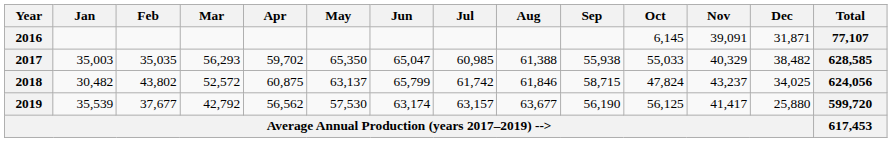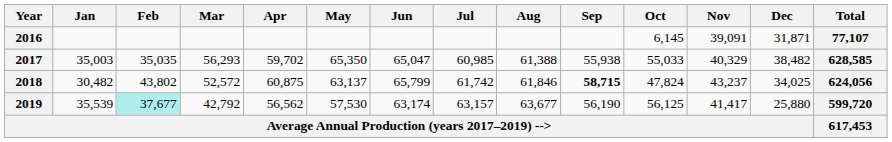 <table class=wikitable style="text-align:right; font-size:0.9em; width:950px;">
 <tr>
 <th>Year</th>
 <th>Jan</th>
 <th>Feb</th>
 <th>Mar</th>
 <th>Apr</th>
 <th>May</th>
 <th>Jun</th>
 <th>Jul</th>
 <th>Aug</th>
 <th>Sep</th>
 <th>Oct</th>
 <th>Nov</th>
 <th>Dec</th>
 <th>Total</th>
 </tr>
 <tr>
 <th>2016</th>
 <td></td>
 <td></td>
 <td></td>
 <td></td>
 <td></td>
 <td></td>
 <td></td>
 <td></td>
 <td></td>
 <td>6,145</td>
 <td>39,091</td>
 <td>31,871</td>
 <th>77,107</th>
 </tr>
 <tr>
 <th>2017</th>
 <td>35,003</td>
 <td>35,035</td>
 <td>56,293</td>
 <td>59,702</td>
 <td>65,350</td>
 <td>65,047</td>
 <td>60,985</td>
 <td>61,388</td>
 <td>55,938</td>
 <td>55,033</td>
 <td>40,329</td>
 <td>38,482</td>
 <th>628,585</th>
 </tr>
 <tr>
 <th>2018</th>
 <td>30,482</td>
 <td>43,802</td>
 <td>52,572</td>
 <td>60,875</td>
 <td>63,137</td>
 <td>65,799</td>
 <td>61,742</td>
 <td>61,846</td>
-<td>58,715</td>
+<td><strong>58,715</strong></td>
 <td>47,824</td>
 <td>43,237</td>
 <td>34,025</td>
 <th>624,056</th>
 </tr>
 <tr>
 <th>2019</th>
 <td>35,539</td>
-<td>37,677</td>
+<td style="background: paleturquoise;">37,677</td>
 <td>42,792</td>
 <td>56,562</td>
 <td>57,530</td>
 <td>63,174</td>
 <td>63,157</td>
 <td>63,677</td>
 <td>56,190</td>
 <td>56,125</td>
 <td>41,417</td>
 <td>25,880</td>
 <th>599,720</th>
 </tr>
 <tr>
 <th colspan=13>Average Annual Production (years 2017–2019) --></th>
 <th>617,453</th>
 </tr>
 </table>
